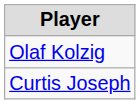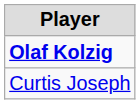 <table class="wikitable">
 <tr align="center"  bgcolor="#dddddd">
 <td><strong>Player</strong></td>
 </tr>
 <tr>
-<td><a href='#'>Olaf Kolzig</a></td>
+<td><strong><a href='#'>Olaf Kolzig</a></strong></td>
 </tr>
 <tr>
 <td><a href='#'>Curtis Joseph</a></td>
 </tr>
 </table>
